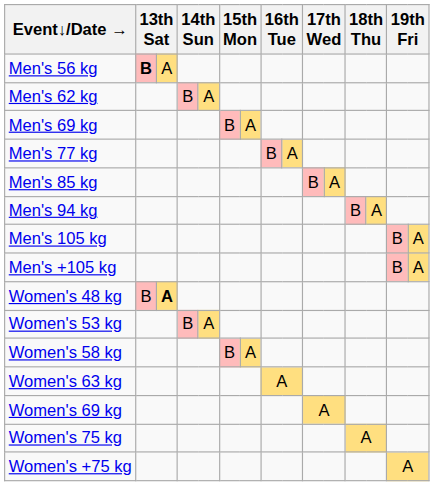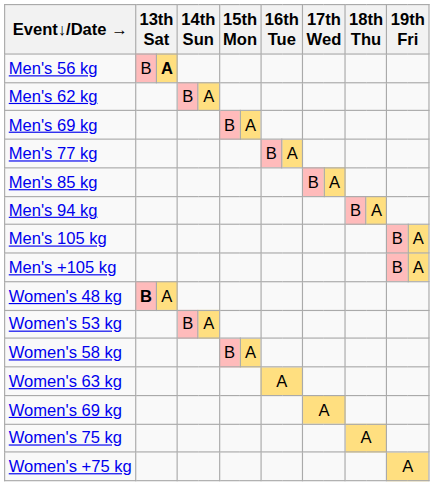 <table class="wikitable" style="margin:0.5em auto; font-size:90%; line-height:1.25em; text-align:center;">
 <tr>
 <th>Event↓/Date →</th>
 <th colspan=2>13th<br>Sat</th>
 <th colspan=2>14th<br>Sun</th>
 <th colspan=2>15th<br>Mon</th>
 <th colspan=2>16th<br>Tue</th>
 <th colspan=2>17th<br>Wed</th>
 <th colspan=2>18th<br>Thu</th>
 <th colspan=2>19th<br>Fri</th>
 </tr>
 <tr>
 <td align="left"><a href='#'>Men's 56 kg</a></td>
-<td bgcolor="#FFBBBB"><strong>B</strong></td>
-<td bgcolor="#FFDF80">A</td>
+<td bgcolor="#FFBBBB">B</td>
+<td bgcolor="#FFDF80"><strong>A</strong></td>
 <td colspan=2></td>
 <td colspan=2></td>
 <td colspan=2></td>
 <td colspan=2></td>
 <td colspan=2></td>
 <td colspan=2></td>
 </tr>
 <tr>
 <td align="left"><a href='#'>Men's 62 kg</a></td>
 <td colspan=2></td>
 <td bgcolor="#FFBBBB">B</td>
 <td bgcolor="#FFDF80">A</td>
 <td colspan=2></td>
 <td colspan=2></td>
 <td colspan=2></td>
 <td colspan=2></td>
 <td colspan=2></td>
 </tr>
 <tr>
 <td align="left"><a href='#'>Men's 69 kg</a></td>
 <td colspan=2></td>
 <td colspan=2></td>
 <td bgcolor="#FFBBBB">B</td>
 <td bgcolor="#FFDF80">A</td>
 <td colspan=2></td>
 <td colspan=2></td>
 <td colspan=2></td>
 <td colspan=2></td>
 </tr>
 <tr>
 <td align="left"><a href='#'>Men's 77 kg</a></td>
 <td colspan=2></td>
 <td colspan=2></td>
 <td colspan=2></td>
 <td bgcolor="#FFBBBB">B</td>
 <td bgcolor="#FFDF80">A</td>
 <td colspan=2></td>
 <td colspan=2></td>
 <td colspan=2></td>
 </tr>
 <tr>
 <td align="left"><a href='#'>Men's 85 kg</a></td>
 <td colspan=2></td>
 <td colspan=2></td>
 <td colspan=2></td>
 <td colspan=2></td>
 <td bgcolor="#FFBBBB">B</td>
 <td bgcolor="#FFDF80">A</td>
 <td colspan=2></td>
 <td colspan=2></td>
 </tr>
 <tr>
 <td align="left"><a href='#'>Men's 94 kg</a></td>
 <td colspan=2></td>
 <td colspan=2></td>
 <td colspan=2></td>
 <td colspan=2></td>
 <td colspan=2></td>
 <td bgcolor="#FFBBBB">B</td>
 <td bgcolor="#FFDF80">A</td>
 <td colspan=2></td>
 </tr>
 <tr>
 <td align="left"><a href='#'>Men's 105 kg</a></td>
 <td colspan=2></td>
 <td colspan=2></td>
 <td colspan=2></td>
 <td colspan=2></td>
 <td colspan=2></td>
 <td colspan=2></td>
 <td bgcolor="#FFBBBB">B</td>
 <td bgcolor="#FFDF80">A</td>
 </tr>
 <tr>
 <td align="left"><a href='#'>Men's +105 kg</a></td>
 <td colspan=2></td>
 <td colspan=2></td>
 <td colspan=2></td>
 <td colspan=2></td>
 <td colspan=2></td>
 <td colspan=2></td>
 <td bgcolor="#FFBBBB">B</td>
 <td bgcolor="#FFDF80">A</td>
 </tr>
 <tr>
 <td align="left"><a href='#'>Women's 48 kg</a></td>
-<td bgcolor="#FFBBBB">B</td>
-<td bgcolor="#FFDF80"><strong>A</strong></td>
+<td bgcolor="#FFBBBB"><strong>B</strong></td>
+<td bgcolor="#FFDF80">A</td>
 <td colspan=2></td>
 <td colspan=2></td>
 <td colspan=2></td>
 <td colspan=2></td>
 <td colspan=2></td>
 <td colspan=2></td>
 </tr>
 <tr>
 <td align="left"><a href='#'>Women's 53 kg</a></td>
 <td colspan=2></td>
 <td bgcolor="#FFBBBB">B</td>
 <td bgcolor="#FFDF80">A</td>
 <td colspan=2></td>
 <td colspan=2></td>
 <td colspan=2></td>
 <td colspan=2></td>
 <td colspan=2></td>
 </tr>
 <tr>
 <td align="left"><a href='#'>Women's 58 kg</a></td>
 <td colspan=2></td>
 <td colspan=2></td>
 <td bgcolor="#FFBBBB">B</td>
 <td bgcolor="#FFDF80">A</td>
 <td colspan=2></td>
 <td colspan=2></td>
 <td colspan=2></td>
 <td colspan=2></td>
 </tr>
 <tr>
 <td align="left"><a href='#'>Women's 63 kg</a></td>
 <td colspan=2></td>
 <td colspan=2></td>
 <td colspan=2></td>
 <td colspan=2 bgcolor="#FFDF80">A</td>
 <td colspan=2></td>
 <td colspan=2></td>
 <td colspan=2></td>
 </tr>
 <tr>
 <td align="left"><a href='#'>Women's 69 kg</a></td>
 <td colspan=2></td>
 <td colspan=2></td>
 <td colspan=2></td>
 <td colspan=2></td>
 <td colspan=2 bgcolor="#FFDF80">A</td>
 <td colspan=2></td>
 <td colspan=2></td>
 </tr>
 <tr>
 <td align="left"><a href='#'>Women's 75 kg</a></td>
 <td colspan=2></td>
 <td colspan=2></td>
 <td colspan=2></td>
 <td colspan=2></td>
 <td colspan=2></td>
 <td colspan=2 bgcolor="#FFDF80">A</td>
 <td colspan=2></td>
 </tr>
 <tr>
 <td align="left"><a href='#'>Women's +75 kg</a></td>
 <td colspan=2></td>
 <td colspan=2></td>
 <td colspan=2></td>
 <td colspan=2></td>
 <td colspan=2></td>
 <td colspan=2></td>
 <td colspan=2 bgcolor="#FFDF80">A</td>
 </tr>
 </table>
